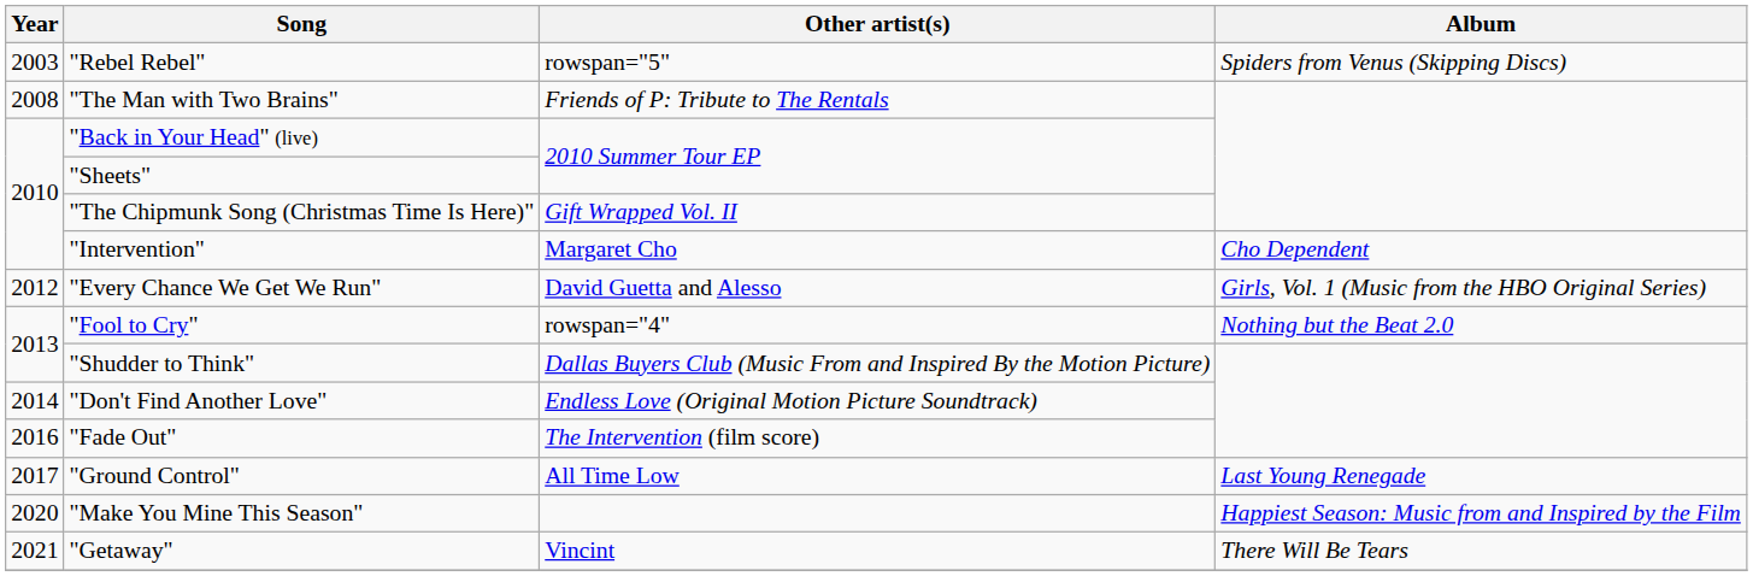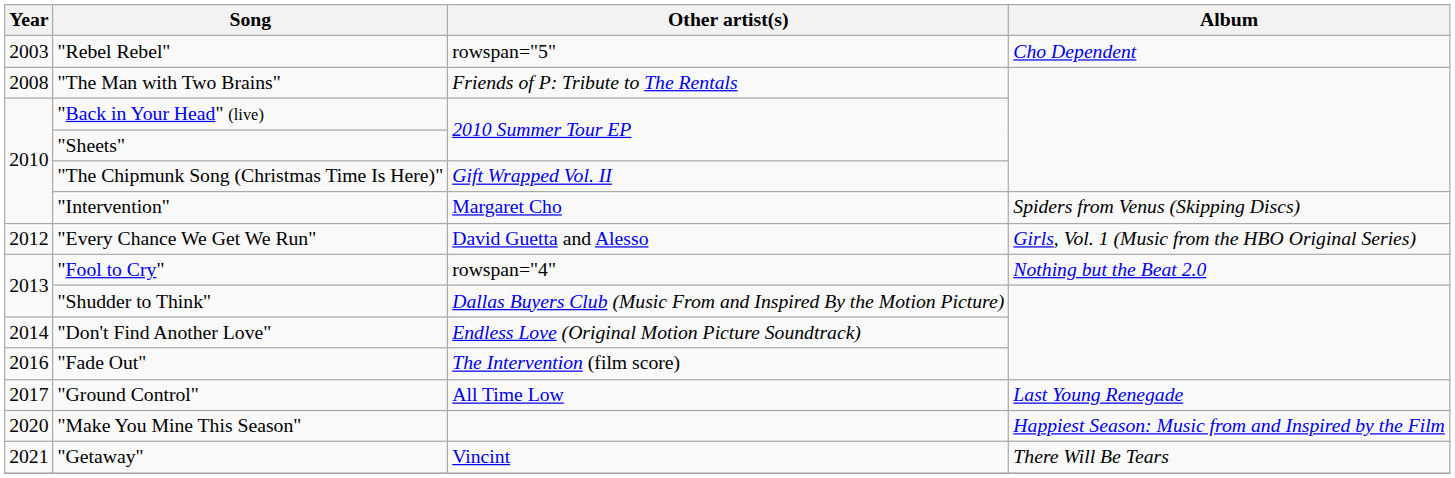 <table class="wikitable">
 <tr>
 <th>Year</th>
 <th>Song</th>
 <th>Other artist(s)</th>
 <th>Album</th>
 </tr>
 <tr>
 <td>2003</td>
 <td>"Rebel Rebel"</td>
 <td>rowspan="5" </td>
-<td><em>Spiders from Venus (Skipping Discs)</em> </td>
+<td><em><a href='#'>Cho Dependent</a></em></td>
 </tr>
 <tr>
 <td>2008</td>
 <td>"The Man with Two Brains"</td>
 <td><em>Friends of P: Tribute to <a href='#'>The Rentals</a></em> </td>
 </tr>
 <tr>
 <td rowspan="4">2010</td>
 <td>"<a href='#'>Back in Your Head</a>" <small>(live)</small></td>
 <td rowspan="2"><em><a href='#'>2010 Summer Tour EP</a></em></td>
 </tr>
 <tr>
 <td>"Sheets"</td>
 </tr>
 <tr>
 <td>"The Chipmunk Song (Christmas Time Is Here)"</td>
 <td><em><a href='#'>Gift Wrapped Vol. II</a></em></td>
 </tr>
 <tr>
 <td>"Intervention"</td>
 <td><a href='#'>Margaret Cho</a></td>
-<td><em><a href='#'>Cho Dependent</a></em></td>
+<td><em>Spiders from Venus (Skipping Discs)</em> </td>
 </tr>
 <tr>
 <td>2012</td>
 <td>"Every Chance We Get We Run"</td>
 <td><a href='#'>David Guetta</a> and <a href='#'>Alesso</a></td>
 <td><em><a href='#'>Girls</a>, Vol. 1 (Music from the HBO Original Series)</em></td>
 </tr>
 <tr>
 <td rowspan="2">2013</td>
 <td>"<a href='#'>Fool to Cry</a>"</td>
 <td>rowspan="4" </td>
 <td><em><a href='#'>Nothing but the Beat 2.0</a></em></td>
 </tr>
 <tr>
 <td>"Shudder to Think"</td>
 <td><em><a href='#'>Dallas Buyers Club</a> (Music From and Inspired By the Motion Picture)</em></td>
 </tr>
 <tr>
 <td>2014</td>
 <td>"Don't Find Another Love"</td>
 <td><em><a href='#'>Endless Love</a> (Original Motion Picture Soundtrack)</em></td>
 </tr>
 <tr>
 <td>2016</td>
 <td>"Fade Out"</td>
 <td><em><a href='#'>The Intervention</a></em> (film score)</td>
 </tr>
 <tr>
 <td>2017</td>
 <td>"Ground Control"</td>
 <td><a href='#'>All Time Low</a></td>
 <td><em><a href='#'>Last Young Renegade</a></em></td>
 </tr>
 <tr>
 <td>2020</td>
 <td>"Make You Mine This Season"</td>
 <td></td>
 <td><em><a href='#'>Happiest Season: Music from and Inspired by the Film</a></em></td>
 </tr>
 <tr>
 <td>2021</td>
 <td>"Getaway"</td>
 <td><a href='#'>Vincint</a></td>
 <td><em>There Will Be Tears</em></td>
 </tr>
 <tr>
 </tr>
 </table>
